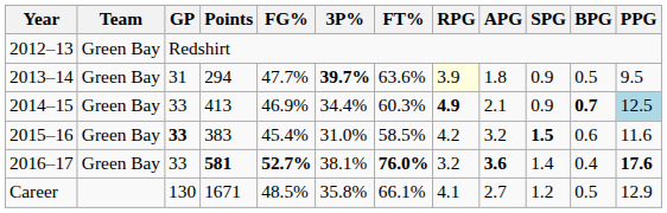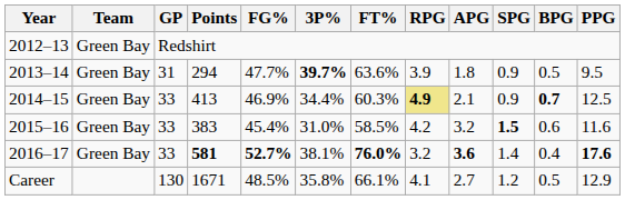 <table class="wikitable">
 <tr>
 <th>Year</th>
 <th>Team</th>
 <th>GP</th>
 <th>Points</th>
 <th>FG%</th>
 <th>3P%</th>
 <th>FT%</th>
 <th>RPG</th>
 <th>APG</th>
 <th>SPG</th>
 <th>BPG</th>
 <th>PPG</th>
 </tr>
 <tr>
 <td>2012–13</td>
 <td>Green Bay</td>
 <td colspan="10">Redshirt</td>
 </tr>
 <tr>
 <td>2013–14</td>
 <td>Green Bay</td>
 <td>31</td>
 <td>294</td>
 <td>47.7%</td>
 <td><strong>39.7%</strong></td>
 <td>63.6%</td>
-<td style="background: lightyellow;">3.9</td>
+<td>3.9</td>
 <td>1.8</td>
 <td>0.9</td>
 <td>0.5</td>
 <td>9.5</td>
 </tr>
 <tr>
 <td>2014–15</td>
 <td>Green Bay</td>
 <td>33</td>
 <td>413</td>
 <td>46.9%</td>
 <td>34.4%</td>
 <td>60.3%</td>
-<td><strong>4.9</strong></td>
+<td style="background: khaki;"><strong>4.9</strong></td>
 <td>2.1</td>
 <td>0.9</td>
 <td><strong>0.7</strong></td>
-<td style="background: lightblue;">12.5</td>
+<td>12.5</td>
 </tr>
 <tr>
 <td>2015–16</td>
 <td>Green Bay</td>
-<td><strong>33</strong></td>
+<td>33</td>
 <td>383</td>
 <td>45.4%</td>
 <td>31.0%</td>
 <td>58.5%</td>
 <td>4.2</td>
 <td>3.2</td>
 <td><strong>1.5</strong></td>
 <td>0.6</td>
 <td>11.6</td>
 </tr>
 <tr>
 <td>2016–17</td>
 <td>Green Bay</td>
 <td>33</td>
 <td><strong>581</strong></td>
 <td><strong>52.7%</strong></td>
 <td>38.1%</td>
 <td><strong>76.0%</strong></td>
 <td>3.2</td>
 <td><strong>3.6</strong></td>
 <td>1.4</td>
 <td>0.4</td>
 <td><strong>17.6</strong></td>
 </tr>
 <tr>
 <td>Career</td>
 <td></td>
 <td>130</td>
 <td>1671</td>
 <td>48.5%</td>
 <td>35.8%</td>
 <td>66.1%</td>
 <td>4.1</td>
 <td>2.7</td>
 <td>1.2</td>
 <td>0.5</td>
 <td>12.9</td>
 </tr>
 </table>
